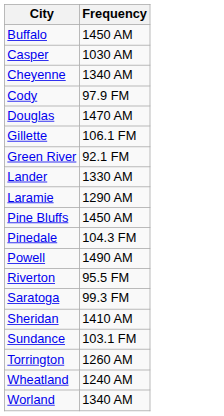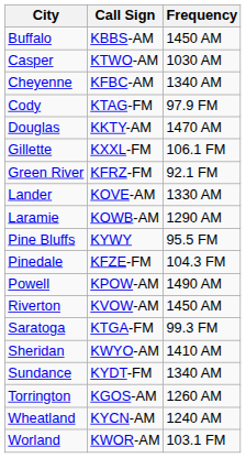 <table class="wikitable">
 <tr>
 <th>City</th>
+<th>Call Sign</th>
 <th>Frequency</th>
 </tr>
 <tr>
 <td><a href='#'>Buffalo</a></td>
+<td><a href='#'>KBBS</a>-AM</td>
 <td>1450 AM</td>
 </tr>
 <tr>
 <td><a href='#'>Casper</a></td>
+<td><a href='#'>KTWO</a>-AM</td>
 <td>1030 AM</td>
 </tr>
 <tr>
 <td><a href='#'>Cheyenne</a></td>
+<td><a href='#'>KFBC</a>-AM</td>
 <td>1340 AM</td>
 </tr>
 <tr>
 <td><a href='#'>Cody</a></td>
+<td><a href='#'>KTAG</a>-FM</td>
 <td>97.9 FM</td>
 </tr>
 <tr>
 <td><a href='#'>Douglas</a></td>
+<td><a href='#'>KKTY</a>-AM</td>
 <td>1470 AM</td>
 </tr>
 <tr>
 <td><a href='#'>Gillette</a></td>
+<td><a href='#'>KXXL</a>-FM</td>
 <td>106.1 FM</td>
 </tr>
 <tr>
 <td><a href='#'>Green River</a></td>
+<td><a href='#'>KFRZ</a>-FM</td>
 <td>92.1 FM</td>
 </tr>
 <tr>
 <td><a href='#'>Lander</a></td>
+<td><a href='#'>KOVE</a>-AM</td>
 <td>1330 AM</td>
 </tr>
 <tr>
 <td><a href='#'>Laramie</a></td>
+<td><a href='#'>KOWB</a>-AM</td>
 <td>1290 AM</td>
 </tr>
 <tr>
 <td><a href='#'>Pine Bluffs</a></td>
-<td>1450 AM</td>
+<td><a href='#'>KYWY</a></td>
+<td>95.5 FM</td>
 </tr>
 <tr>
 <td><a href='#'>Pinedale</a></td>
+<td><a href='#'>KFZE</a>-FM</td>
 <td>104.3 FM</td>
 </tr>
 <tr>
 <td><a href='#'>Powell</a></td>
+<td><a href='#'>KPOW</a>-AM</td>
 <td>1490 AM</td>
 </tr>
 <tr>
 <td><a href='#'>Riverton</a></td>
-<td>95.5 FM</td>
+<td><a href='#'>KVOW</a>-AM</td>
+<td>1450 AM</td>
 </tr>
 <tr>
 <td><a href='#'>Saratoga</a></td>
+<td><a href='#'>KTGA</a>-FM</td>
 <td>99.3 FM</td>
 </tr>
 <tr>
 <td><a href='#'>Sheridan</a></td>
+<td><a href='#'>KWYO</a>-AM</td>
 <td>1410 AM</td>
 </tr>
 <tr>
 <td><a href='#'>Sundance</a></td>
-<td>103.1 FM</td>
+<td><a href='#'>KYDT</a>-FM</td>
+<td>1340 AM</td>
 </tr>
 <tr>
 <td><a href='#'>Torrington</a></td>
+<td><a href='#'>KGOS</a>-AM</td>
 <td>1260 AM</td>
 </tr>
 <tr>
 <td><a href='#'>Wheatland</a></td>
+<td><a href='#'>KYCN</a>-AM</td>
 <td>1240 AM</td>
 </tr>
 <tr>
 <td><a href='#'>Worland</a></td>
-<td>1340 AM</td>
+<td><a href='#'>KWOR</a>-AM</td>
+<td>103.1 FM</td>
 </tr>
 </table>
